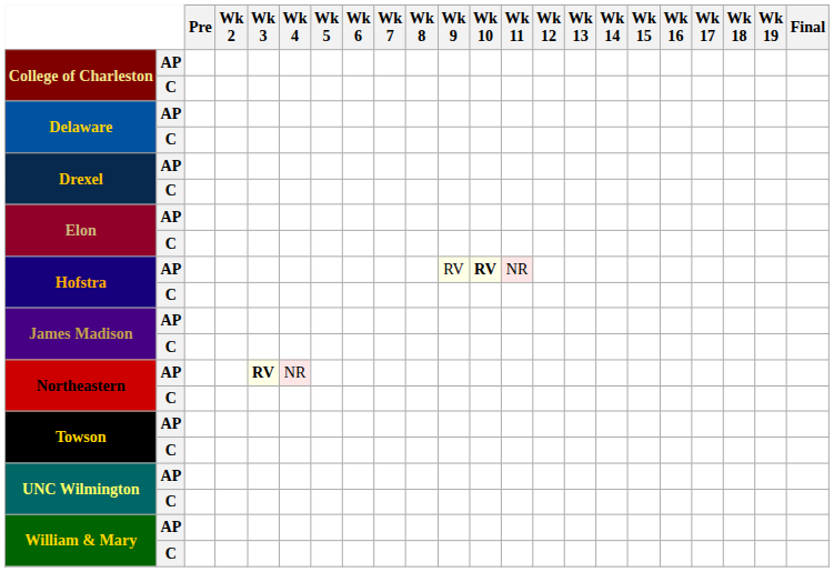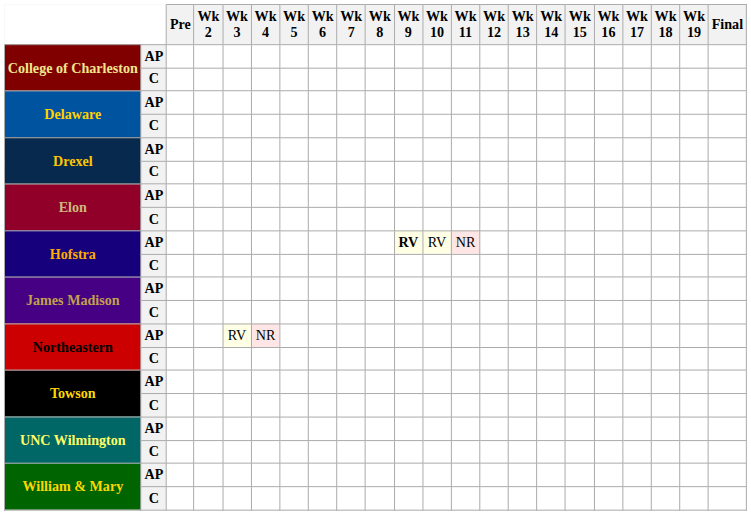 <table class="wikitable" style="white-space:nowrap;font-size:90%;">
 <tr>
 <th colspan=2 style="background:white; border-top-style:hidden; border-left-style:hidden;"></th>
 <th>Pre</th>
 <th>Wk<br>2</th>
 <th>Wk<br>3</th>
 <th>Wk<br>4</th>
 <th>Wk<br>5</th>
 <th>Wk<br>6</th>
 <th>Wk<br>7</th>
 <th>Wk<br>8</th>
 <th>Wk<br>9</th>
 <th>Wk<br>10</th>
 <th>Wk<br>11</th>
 <th>Wk<br>12</th>
 <th>Wk<br>13</th>
 <th>Wk<br>14</th>
 <th>Wk<br>15</th>
 <th>Wk<br>16</th>
 <th>Wk<br>17</th>
 <th>Wk<br>18</th>
 <th>Wk<br>19</th>
 <th>Final</th>
 </tr>
 <tr style="text-align:center;">
 <th rowspan=2 style="background:#800000; color:#F0E68C;">College of Charleston</th>
 <th>AP</th>
 <td style="background:#FFF;"></td>
 <td style="background:#FFF;"></td>
 <td style="background:#FFF;"></td>
 <td style="background:#FFF;"></td>
 <td style="background:#FFF;"></td>
 <td style="background:#FFF;"></td>
 <td style="background:#FFF;"></td>
 <td style="background:#FFF;"></td>
 <td style="background:#FFF;"></td>
 <td style="background:#FFF;"></td>
 <td style="background:#FFF;"></td>
 <td style="background:#FFF;"></td>
 <td style="background:#FFF;"></td>
 <td style="background:#FFF;"></td>
 <td style="background:#FFF;"></td>
 <td style="background:#FFF;"></td>
 <td style="background:#FFF;"></td>
 <td style="background:#FFF;"></td>
 <td style="background:#FFF;"></td>
 <td style="background:#FFF;"></td>
 </tr>
 <tr style="text-align:center;">
 <th>C</th>
 <td style="background:#FFF;"></td>
 <td style="background:#FFF;"></td>
 <td style="background:#FFF;"></td>
 <td style="background:#FFF;"></td>
 <td style="background:#FFF;"></td>
 <td style="background:#FFF;"></td>
 <td style="background:#FFF;"></td>
 <td style="background:#FFF;"></td>
 <td style="background:#FFF;"></td>
 <td style="background:#FFF;"></td>
 <td style="background:#FFF;"></td>
 <td style="background:#FFF;"></td>
 <td style="background:#FFF;"></td>
 <td style="background:#FFF;"></td>
 <td style="background:#FFF;"></td>
 <td style="background:#FFF;"></td>
 <td style="background:#FFF;"></td>
 <td style="background:#FFF;"></td>
 <td style="background:#FFF;"></td>
 <td style="background:#FFF;"></td>
 </tr>
 <tr style="text-align:center;">
 <th rowspan=2 style="background:#00539f; color:#FFD200;">Delaware</th>
 <th>AP</th>
 <td style="background:#FFF;"></td>
 <td style="background:#FFF;"></td>
 <td style="background:#FFF;"></td>
 <td style="background:#FFF;"></td>
 <td style="background:#FFF;"></td>
 <td style="background:#FFF;"></td>
 <td style="background:#FFF;"></td>
 <td style="background:#FFF;"></td>
 <td style="background:#FFF;"></td>
 <td style="background:#FFF;"></td>
 <td style="background:#FFF;"></td>
 <td style="background:#FFF;"></td>
 <td style="background:#FFF;"></td>
 <td style="background:#FFF;"></td>
 <td style="background:#FFF;"></td>
 <td style="background:#FFF;"></td>
 <td style="background:#FFF;"></td>
 <td style="background:#FFF;"></td>
 <td style="background:#FFF;"></td>
 <td style="background:#FFF;"></td>
 </tr>
 <tr style="text-align:center;">
 <th>C</th>
 <td style="background:#FFF;"></td>
 <td style="background:#FFF;"></td>
 <td style="background:#FFF;"></td>
 <td style="background:#FFF;"></td>
 <td style="background:#FFF;"></td>
 <td style="background:#FFF;"></td>
 <td style="background:#FFF;"></td>
 <td style="background:#FFF;"></td>
 <td style="background:#FFF;"></td>
 <td style="background:#FFF;"></td>
 <td style="background:#FFF;"></td>
 <td style="background:#FFF;"></td>
 <td style="background:#FFF;"></td>
 <td style="background:#FFF;"></td>
 <td style="background:#FFF;"></td>
 <td style="background:#FFF;"></td>
 <td style="background:#FFF;"></td>
 <td style="background:#FFF;"></td>
 <td style="background:#FFF;"></td>
 <td style="background:#FFF;"></td>
 </tr>
 <tr style="text-align:center;">
 <th rowspan=2 style="background:#07294D; color:#FFC600;">Drexel</th>
 <th>AP</th>
 <td style="background:#FFF;"></td>
 <td style="background:#FFF;"></td>
 <td style="background:#FFF;"></td>
 <td style="background:#FFF;"></td>
 <td style="background:#FFF;"></td>
 <td style="background:#FFF;"></td>
 <td style="background:#FFF;"></td>
 <td style="background:#FFF;"></td>
 <td style="background:#FFF;"></td>
 <td style="background:#FFF;"></td>
 <td style="background:#FFF;"></td>
 <td style="background:#FFF;"></td>
 <td style="background:#FFF;"></td>
 <td style="background:#FFF;"></td>
 <td style="background:#FFF;"></td>
 <td style="background:#FFF;"></td>
 <td style="background:#FFF;"></td>
 <td style="background:#FFF;"></td>
 <td style="background:#FFF;"></td>
 <td style="background:#FFF;"></td>
 </tr>
 <tr style="text-align:center;">
 <th>C</th>
 <td style="background:#FFF;"></td>
 <td style="background:#FFF;"></td>
 <td style="background:#FFF;"></td>
 <td style="background:#FFF;"></td>
 <td style="background:#FFF;"></td>
 <td style="background:#FFF;"></td>
 <td style="background:#FFF;"></td>
 <td style="background:#FFF;"></td>
 <td style="background:#FFF;"></td>
 <td style="background:#FFF;"></td>
 <td style="background:#FFF;"></td>
 <td style="background:#FFF;"></td>
 <td style="background:#FFF;"></td>
 <td style="background:#FFF;"></td>
 <td style="background:#FFF;"></td>
 <td style="background:#FFF;"></td>
 <td style="background:#FFF;"></td>
 <td style="background:#FFF;"></td>
 <td style="background:#FFF;"></td>
 <td style="background:#FFF;"></td>
 </tr>
 <tr style="text-align:center;">
 <th rowspan=2 style="background:#910028; color:#CDB87D;">Elon</th>
 <th>AP</th>
 <td style="background:#FFF;"></td>
 <td style="background:#FFF;"></td>
 <td style="background:#FFF;"></td>
 <td style="background:#FFF;"></td>
 <td style="background:#FFF;"></td>
 <td style="background:#FFF;"></td>
 <td style="background:#FFF;"></td>
 <td style="background:#FFF;"></td>
 <td style="background:#FFF;"></td>
 <td style="background:#FFF;"></td>
 <td style="background:#FFF;"></td>
 <td style="background:#FFF;"></td>
 <td style="background:#FFF;"></td>
 <td style="background:#FFF;"></td>
 <td style="background:#FFF;"></td>
 <td style="background:#FFF;"></td>
 <td style="background:#FFF;"></td>
 <td style="background:#FFF;"></td>
 <td style="background:#FFF;"></td>
 <td style="background:#FFF;"></td>
 </tr>
 <tr style="text-align:center;">
 <th>C</th>
 <td style="background:#FFF;"></td>
 <td style="background:#FFF;"></td>
 <td style="background:#FFF;"></td>
 <td style="background:#FFF;"></td>
 <td style="background:#FFF;"></td>
 <td style="background:#FFF;"></td>
 <td style="background:#FFF;"></td>
 <td style="background:#FFF;"></td>
 <td style="background:#FFF;"></td>
 <td style="background:#FFF;"></td>
 <td style="background:#FFF;"></td>
 <td style="background:#FFF;"></td>
 <td style="background:#FFF;"></td>
 <td style="background:#FFF;"></td>
 <td style="background:#FFF;"></td>
 <td style="background:#FFF;"></td>
 <td style="background:#FFF;"></td>
 <td style="background:#FFF;"></td>
 <td style="background:#FFF;"></td>
 <td style="background:#FFF;"></td>
 </tr>
 <tr style="text-align:center;">
 <th rowspan=2 style="background:#16007C; color:#FFAD00;">Hofstra</th>
 <th>AP</th>
 <td style="background:#FFF;"></td>
 <td style="background:#FFF;"></td>
 <td style="background:#FFF;"></td>
 <td style="background:#FFF;"></td>
 <td style="background:#FFF;"></td>
 <td style="background:#FFF;"></td>
 <td style="background:#FFF;"></td>
 <td style="background:#FFF;"></td>
+<td style="background:#FFFFE6;"><strong>RV</strong></td>
 <td style="background:#FFFFE6;">RV</td>
-<td style="background:#FFFFE6;"><strong>RV</strong></td>
 <td style="background:#FFE6E6;">NR</td>
 <td style="background:#FFF;"></td>
 <td style="background:#FFF;"></td>
 <td style="background:#FFF;"></td>
 <td style="background:#FFF;"></td>
 <td style="background:#FFF;"></td>
 <td style="background:#FFF;"></td>
 <td style="background:#FFF;"></td>
 <td style="background:#FFF;"></td>
 <td style="background:#FFF;"></td>
 </tr>
 <tr style="text-align:center;">
 <th>C</th>
 <td style="background:#FFF;"></td>
 <td style="background:#FFF;"></td>
 <td style="background:#FFF;"></td>
 <td style="background:#FFF;"></td>
 <td style="background:#FFF;"></td>
 <td style="background:#FFF;"></td>
 <td style="background:#FFF;"></td>
 <td style="background:#FFF;"></td>
 <td style="background:#FFF;"></td>
 <td style="background:#FFF;"></td>
 <td style="background:#FFF;"></td>
 <td style="background:#FFF;"></td>
 <td style="background:#FFF;"></td>
 <td style="background:#FFF;"></td>
 <td style="background:#FFF;"></td>
 <td style="background:#FFF;"></td>
 <td style="background:#FFF;"></td>
 <td style="background:#FFF;"></td>
 <td style="background:#FFF;"></td>
 <td style="background:#FFF;"></td>
 </tr>
 <tr style="text-align:center;">
 <th rowspan=2 style="background:#450084; color:#C2A14D;">James Madison</th>
 <th>AP</th>
 <td style="background:#FFF;"></td>
 <td style="background:#FFF;"></td>
 <td style="background:#FFF;"></td>
 <td style="background:#FFF;"></td>
 <td style="background:#FFF;"></td>
 <td style="background:#FFF;"></td>
 <td style="background:#FFF;"></td>
 <td style="background:#FFF;"></td>
 <td style="background:#FFF;"></td>
 <td style="background:#FFF;"></td>
 <td style="background:#FFF;"></td>
 <td style="background:#FFF;"></td>
 <td style="background:#FFF;"></td>
 <td style="background:#FFF;"></td>
 <td style="background:#FFF;"></td>
 <td style="background:#FFF;"></td>
 <td style="background:#FFF;"></td>
 <td style="background:#FFF;"></td>
 <td style="background:#FFF;"></td>
 <td style="background:#FFF;"></td>
 </tr>
 <tr style="text-align:center;">
 <th>C</th>
 <td style="background:#FFF;"></td>
 <td style="background:#FFF;"></td>
 <td style="background:#FFF;"></td>
 <td style="background:#FFF;"></td>
 <td style="background:#FFF;"></td>
 <td style="background:#FFF;"></td>
 <td style="background:#FFF;"></td>
 <td style="background:#FFF;"></td>
 <td style="background:#FFF;"></td>
 <td style="background:#FFF;"></td>
 <td style="background:#FFF;"></td>
 <td style="background:#FFF;"></td>
 <td style="background:#FFF;"></td>
 <td style="background:#FFF;"></td>
 <td style="background:#FFF;"></td>
 <td style="background:#FFF;"></td>
 <td style="background:#FFF;"></td>
 <td style="background:#FFF;"></td>
 <td style="background:#FFF;"></td>
 <td style="background:#FFF;"></td>
 </tr>
 <tr style="text-align:center;">
 <th rowspan=2 style="background:#CC0000; color:#000000;">Northeastern</th>
 <th>AP</th>
 <td style="background:#FFF;"></td>
 <td style="background:#FFF;"></td>
-<td style="background:#FFFFE6;"><strong>RV</strong></td>
+<td style="background:#FFFFE6;">RV</td>
 <td style="background:#FFE6E6;">NR</td>
 <td style="background:#FFF;"></td>
 <td style="background:#FFF;"></td>
 <td style="background:#FFF;"></td>
 <td style="background:#FFF;"></td>
 <td style="background:#FFF;"></td>
 <td style="background:#FFF;"></td>
 <td style="background:#FFF;"></td>
 <td style="background:#FFF;"></td>
 <td style="background:#FFF;"></td>
 <td style="background:#FFF;"></td>
 <td style="background:#FFF;"></td>
 <td style="background:#FFF;"></td>
 <td style="background:#FFF;"></td>
 <td style="background:#FFF;"></td>
 <td style="background:#FFF;"></td>
 <td style="background:#FFF;"></td>
 </tr>
 <tr style="text-align:center;">
 <th>C</th>
 <td style="background:#FFF;"></td>
 <td style="background:#FFF;"></td>
 <td style="background:#FFF;"></td>
 <td style="background:#FFF;"></td>
 <td style="background:#FFF;"></td>
 <td style="background:#FFF;"></td>
 <td style="background:#FFF;"></td>
 <td style="background:#FFF;"></td>
 <td style="background:#FFF;"></td>
 <td style="background:#FFF;"></td>
 <td style="background:#FFF;"></td>
 <td style="background:#FFF;"></td>
 <td style="background:#FFF;"></td>
 <td style="background:#FFF;"></td>
 <td style="background:#FFF;"></td>
 <td style="background:#FFF;"></td>
 <td style="background:#FFF;"></td>
 <td style="background:#FFF;"></td>
 <td style="background:#FFF;"></td>
 <td style="background:#FFF;"></td>
 </tr>
 <tr style="text-align:center;">
 <th rowspan=2 style="background:#000000; color:#FFD600;">Towson</th>
 <th>AP</th>
 <td style="background:#FFF;"></td>
 <td style="background:#FFF;"></td>
 <td style="background:#FFF;"></td>
 <td style="background:#FFF;"></td>
 <td style="background:#FFF;"></td>
 <td style="background:#FFF;"></td>
 <td style="background:#FFF;"></td>
 <td style="background:#FFF;"></td>
 <td style="background:#FFF;"></td>
 <td style="background:#FFF;"></td>
 <td style="background:#FFF;"></td>
 <td style="background:#FFF;"></td>
 <td style="background:#FFF;"></td>
 <td style="background:#FFF;"></td>
 <td style="background:#FFF;"></td>
 <td style="background:#FFF;"></td>
 <td style="background:#FFF;"></td>
 <td style="background:#FFF;"></td>
 <td style="background:#FFF;"></td>
 <td style="background:#FFF;"></td>
 </tr>
 <tr style="text-align:center;">
 <th>C</th>
 <td style="background:#FFF;"></td>
 <td style="background:#FFF;"></td>
 <td style="background:#FFF;"></td>
 <td style="background:#FFF;"></td>
 <td style="background:#FFF;"></td>
 <td style="background:#FFF;"></td>
 <td style="background:#FFF;"></td>
 <td style="background:#FFF;"></td>
 <td style="background:#FFF;"></td>
 <td style="background:#FFF;"></td>
 <td style="background:#FFF;"></td>
 <td style="background:#FFF;"></td>
 <td style="background:#FFF;"></td>
 <td style="background:#FFF;"></td>
 <td style="background:#FFF;"></td>
 <td style="background:#FFF;"></td>
 <td style="background:#FFF;"></td>
 <td style="background:#FFF;"></td>
 <td style="background:#FFF;"></td>
 <td style="background:#FFF;"></td>
 </tr>
 <tr style="text-align:center;">
 <th rowspan=2 style="background:#006666; color:#FFFF66;">UNC Wilmington</th>
 <th>AP</th>
 <td style="background:#FFF;"></td>
 <td style="background:#FFF;"></td>
 <td style="background:#FFF;"></td>
 <td style="background:#FFF;"></td>
 <td style="background:#FFF;"></td>
 <td style="background:#FFF;"></td>
 <td style="background:#FFF;"></td>
 <td style="background:#FFF;"></td>
 <td style="background:#FFF;"></td>
 <td style="background:#FFF;"></td>
 <td style="background:#FFF;"></td>
 <td style="background:#FFF;"></td>
 <td style="background:#FFF;"></td>
 <td style="background:#FFF;"></td>
 <td style="background:#FFF;"></td>
 <td style="background:#FFF;"></td>
 <td style="background:#FFF;"></td>
 <td style="background:#FFF;"></td>
 <td style="background:#FFF;"></td>
 <td style="background:#FFF;"></td>
 </tr>
 <tr style="text-align:center;">
 <th>C</th>
 <td style="background:#FFF;"></td>
 <td style="background:#FFF;"></td>
 <td style="background:#FFF;"></td>
 <td style="background:#FFF;"></td>
 <td style="background:#FFF;"></td>
 <td style="background:#FFF;"></td>
 <td style="background:#FFF;"></td>
 <td style="background:#FFF;"></td>
 <td style="background:#FFF;"></td>
 <td style="background:#FFF;"></td>
 <td style="background:#FFF;"></td>
 <td style="background:#FFF;"></td>
 <td style="background:#FFF;"></td>
 <td style="background:#FFF;"></td>
 <td style="background:#FFF;"></td>
 <td style="background:#FFF;"></td>
 <td style="background:#FFF;"></td>
 <td style="background:#FFF;"></td>
 <td style="background:#FFF;"></td>
 <td style="background:#FFF;"></td>
 </tr>
 <tr style="text-align:center;">
 <th rowspan=2 style="background:#006400; color:#FFD700;">William & Mary</th>
 <th>AP</th>
 <td style="background:#FFF;"></td>
 <td style="background:#FFF;"></td>
 <td style="background:#FFF;"></td>
 <td style="background:#FFF;"></td>
 <td style="background:#FFF;"></td>
 <td style="background:#FFF;"></td>
 <td style="background:#FFF;"></td>
 <td style="background:#FFF;"></td>
 <td style="background:#FFF;"></td>
 <td style="background:#FFF;"></td>
 <td style="background:#FFF;"></td>
 <td style="background:#FFF;"></td>
 <td style="background:#FFF;"></td>
 <td style="background:#FFF;"></td>
 <td style="background:#FFF;"></td>
 <td style="background:#FFF;"></td>
 <td style="background:#FFF;"></td>
 <td style="background:#FFF;"></td>
 <td style="background:#FFF;"></td>
 <td style="background:#FFF;"></td>
 </tr>
 <tr style="text-align:center;">
 <th>C</th>
 <td style="background:#FFF;"></td>
 <td style="background:#FFF;"></td>
 <td style="background:#FFF;"></td>
 <td style="background:#FFF;"></td>
 <td style="background:#FFF;"></td>
 <td style="background:#FFF;"></td>
 <td style="background:#FFF;"></td>
 <td style="background:#FFF;"></td>
 <td style="background:#FFF;"></td>
 <td style="background:#FFF;"></td>
 <td style="background:#FFF;"></td>
 <td style="background:#FFF;"></td>
 <td style="background:#FFF;"></td>
 <td style="background:#FFF;"></td>
 <td style="background:#FFF;"></td>
 <td style="background:#FFF;"></td>
 <td style="background:#FFF;"></td>
 <td style="background:#FFF;"></td>
 <td style="background:#FFF;"></td>
 <td style="background:#FFF;"></td>
 </tr>
 </table>
